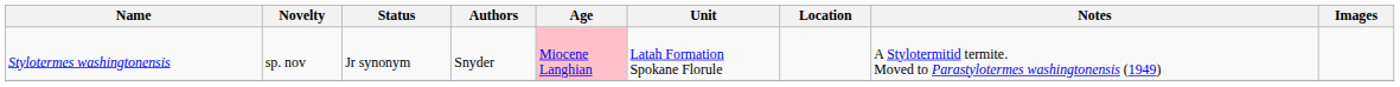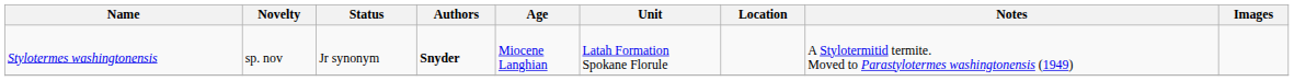 <table class="wikitable sortable" align="center" width="100%">
 <tr>
 <th>Name</th>
 <th>Novelty</th>
 <th>Status</th>
 <th>Authors</th>
 <th>Age</th>
 <th>Unit</th>
 <th>Location</th>
 <th>Notes</th>
 <th>Images</th>
 </tr>
 <tr>
 <td><br><em><a href='#'>Stylotermes washingtonensis</a></em></td>
 <td><br>sp. nov</td>
 <td><br>Jr synonym</td>
-<td><br>Snyder</td>
-<td style="background: pink;"><br><a href='#'>Miocene</a><br><a href='#'>Langhian</a></td>
+<td><strong><br>Snyder</strong></td>
+<td><br><a href='#'>Miocene</a><br><a href='#'>Langhian</a></td>
 <td><br><a href='#'>Latah Formation</a><br>Spokane Florule</td>
 <td><br><br></td>
 <td><br>A <a href='#'>Stylotermitid</a> termite.<br> Moved to <em><a href='#'>Parastylotermes washingtonensis</a></em> (<a href='#'>1949</a>)</td>
 <td></td>
 </tr>
 <tr>
 </tr>
 </table>
